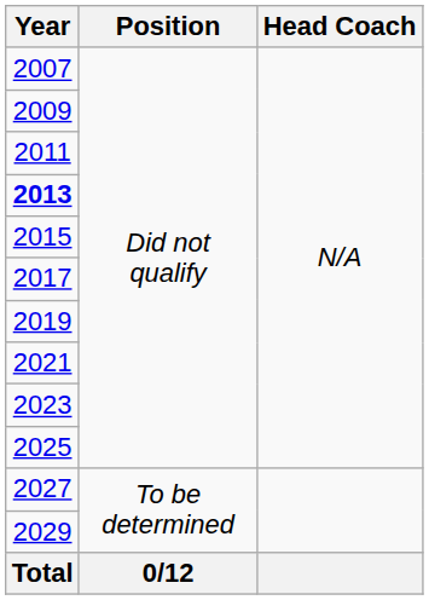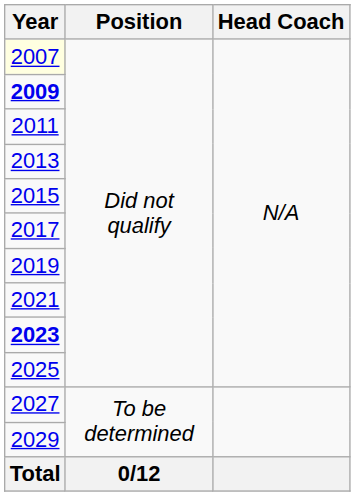 <table class="wikitable" style="text-align: center;">
 <tr>
 <th>Year</th>
 <th width="100">Position</th>
 <th>Head Coach</th>
 </tr>
 <tr>
-<td> <a href='#'>2007</a></td>
+<td style="background: lightyellow;"> <a href='#'>2007</a></td>
 <td rowspan=10><em>Did not qualify</em></td>
 <td rowspan=10><em>N/A</em></td>
 </tr>
 <tr>
-<td> <a href='#'>2009</a></td>
+<td><strong> <a href='#'>2009</a></strong></td>
 </tr>
 <tr>
 <td> <a href='#'>2011</a></td>
 </tr>
 <tr>
-<td><strong> <a href='#'>2013</a></strong></td>
+<td> <a href='#'>2013</a></td>
 </tr>
 <tr>
 <td> <a href='#'>2015</a></td>
 </tr>
 <tr>
 <td> <a href='#'>2017</a></td>
 </tr>
 <tr>
 <td> <a href='#'>2019</a></td>
 </tr>
 <tr>
 <td> <a href='#'>2021</a></td>
 </tr>
 <tr>
-<td> <a href='#'>2023</a></td>
+<td><strong> <a href='#'>2023</a></strong></td>
 </tr>
 <tr>
 <td> <a href='#'>2025</a></td>
 </tr>
 <tr>
 <td> <a href='#'>2027</a></td>
 <td rowspan=2><em>To be determined</em></td>
 </tr>
 <tr>
 <td> <a href='#'>2029</a></td>
 </tr>
 <tr>
 <th>Total</th>
 <th>0/12</th>
 <th></th>
 </tr>
 </table>
